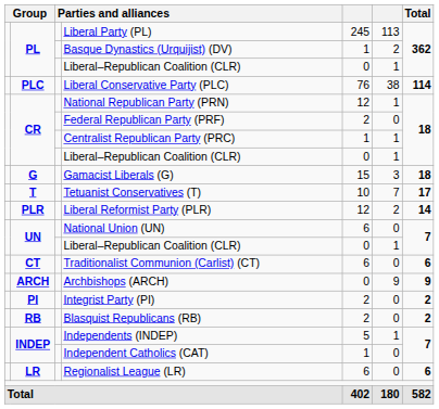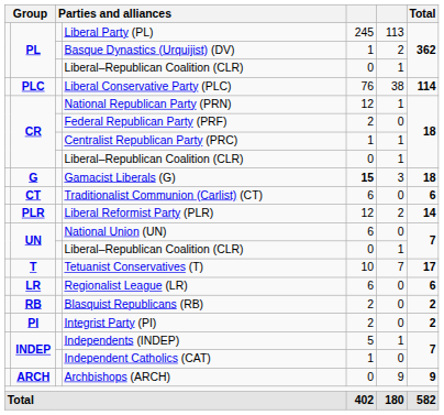 <table class="wikitable" style="text-align:right;">
 <tr>
 <th colspan="2" width="65">Group</th>
 <th style="text-align:left;" colspan="2" width="450">Parties and alliances</th>
 <th width="35"></th>
 <th width="35"></th>
 <th width="35">Total</th>
 </tr>
 <tr>
 <td rowspan="3" width="1"></td>
 <td rowspan="3" align="center"><strong><a href='#'>PL</a></strong></td>
 <td width="1" style="color:inherit;background:"></td>
 <td align="left"><a href='#'>Liberal Party</a> (PL)</td>
 <td>245</td>
 <td>113</td>
 <td rowspan="3"><strong>362</strong></td>
 </tr>
 <tr>
 <td style="color:inherit;background:"></td>
 <td align="left"><a href='#'>Basque Dynastics (Urquijist)</a> (DV)</td>
 <td>1</td>
 <td>2</td>
 </tr>
 <tr>
 <td style="color:inherit;background:"></td>
 <td align="left">Liberal–Republican Coalition (CLR)</td>
 <td>0</td>
 <td>1</td>
 </tr>
 <tr>
 <td style="color:inherit;background:"></td>
 <td align="center"><strong><a href='#'>PLC</a></strong></td>
 <td style="color:inherit;background:"></td>
 <td align="left"><a href='#'>Liberal Conservative Party</a> (PLC)</td>
 <td>76</td>
 <td>38</td>
 <td><strong>114</strong></td>
 </tr>
 <tr>
 <td rowspan="4" style="color:inherit;background:"></td>
 <td rowspan="4" align="center"><strong><a href='#'>CR</a></strong></td>
 <td style="color:inherit;background:"></td>
 <td align="left"><a href='#'>National Republican Party</a> (PRN)</td>
 <td>12</td>
 <td>1</td>
 <td rowspan="4"><strong>18</strong></td>
 </tr>
 <tr>
 <td style="color:inherit;background:"></td>
 <td align="left"><a href='#'>Federal Republican Party</a> (PRF)</td>
 <td>2</td>
 <td>0</td>
 </tr>
 <tr>
 <td style="color:inherit;background:"></td>
 <td align="left"><a href='#'>Centralist Republican Party</a> (PRC)</td>
 <td>1</td>
 <td>1</td>
 </tr>
 <tr>
 <td style="color:inherit;background:"></td>
 <td align="left">Liberal–Republican Coalition (CLR)</td>
 <td>0</td>
 <td>1</td>
 </tr>
 <tr>
 <td style="color:inherit;background:"></td>
 <td align="center"><strong><a href='#'>G</a></strong></td>
 <td style="color:inherit;background:"></td>
 <td align="left"><a href='#'>Gamacist Liberals</a> (G)</td>
-<td>15</td>
+<td><strong>15</strong></td>
 <td>3</td>
 <td><strong>18</strong></td>
 </tr>
 <tr>
 <td style="color:inherit;background:"></td>
-<td align="center"><strong><a href='#'>T</a></strong></td>
+<td align="center"><strong><a href='#'>CT</a></strong></td>
 <td style="color:inherit;background:"></td>
-<td align="left"><a href='#'>Tetuanist Conservatives</a> (T)</td>
-<td>10</td>
-<td>7</td>
-<td><strong>17</strong></td>
+<td align="left"><a href='#'>Traditionalist Communion (Carlist)</a> (CT)</td>
+<td>6</td>
+<td>0</td>
+<td><strong>6</strong></td>
 </tr>
 <tr>
 <td style="color:inherit;background:"></td>
 <td align="center"><strong><a href='#'>PLR</a></strong></td>
 <td style="color:inherit;background:"></td>
 <td align="left"><a href='#'>Liberal Reformist Party</a> (PLR)</td>
 <td>12</td>
 <td>2</td>
 <td><strong>14</strong></td>
 </tr>
 <tr>
 <td rowspan="2" style="color:inherit;background:"></td>
 <td rowspan="2" align="center"><strong><a href='#'>UN</a></strong></td>
 <td style="color:inherit;background:"></td>
 <td align="left"><a href='#'>National Union</a> (UN)</td>
 <td>6</td>
 <td>0</td>
 <td rowspan="2"><strong>7</strong></td>
 </tr>
 <tr>
 <td style="color:inherit;background:"></td>
 <td align="left">Liberal–Republican Coalition (CLR)</td>
 <td>0</td>
 <td>1</td>
 </tr>
 <tr>
 <td style="color:inherit;background:"></td>
-<td align="center"><strong><a href='#'>CT</a></strong></td>
+<td align="center"><strong><a href='#'>T</a></strong></td>
 <td style="color:inherit;background:"></td>
-<td align="left"><a href='#'>Traditionalist Communion (Carlist)</a> (CT)</td>
+<td align="left"><a href='#'>Tetuanist Conservatives</a> (T)</td>
+<td>10</td>
+<td>7</td>
+<td><strong>17</strong></td>
+</tr>
+<tr>
+<td style="color:inherit;background:"></td>
+<td align="center"><strong><a href='#'>LR</a></strong></td>
+<td style="color:inherit;background:"></td>
+<td align="left"><a href='#'>Regionalist League</a> (LR)</td>
 <td>6</td>
 <td>0</td>
 <td><strong>6</strong></td>
 </tr>
 <tr>
 <td style="color:inherit;background:"></td>
-<td align="center"><strong><a href='#'>ARCH</a></strong></td>
+<td align="center"><strong><a href='#'>RB</a></strong></td>
 <td style="color:inherit;background:"></td>
-<td align="left"><a href='#'>Archbishops</a> (ARCH)</td>
+<td align="left"><a href='#'>Blasquist Republicans</a> (RB)</td>
+<td>2</td>
 <td>0</td>
-<td>9</td>
-<td><strong>9</strong></td>
+<td><strong>2</strong></td>
 </tr>
 <tr>
 <td style="color:inherit;background:"></td>
 <td align="center"><strong><a href='#'>PI</a></strong></td>
 <td style="color:inherit;background:"></td>
 <td align="left"><a href='#'>Integrist Party</a> (PI)</td>
-<td>2</td>
-<td>0</td>
-<td><strong>2</strong></td>
-</tr>
-<tr>
-<td style="color:inherit;background:"></td>
-<td align="center"><strong><a href='#'>RB</a></strong></td>
-<td style="color:inherit;background:"></td>
-<td align="left"><a href='#'>Blasquist Republicans</a> (RB)</td>
 <td>2</td>
 <td>0</td>
 <td><strong>2</strong></td>
 </tr>
 <tr>
 <td rowspan="2" style="color:inherit;background:"></td>
 <td rowspan="2" align="center"><strong><a href='#'>INDEP</a></strong></td>
 <td style="color:inherit;background:"></td>
 <td align="left"><a href='#'>Independents</a> (INDEP)</td>
 <td>5</td>
 <td>1</td>
 <td rowspan="2"><strong>7</strong></td>
 </tr>
 <tr>
 <td style="color:inherit;background:"></td>
 <td align="left"><a href='#'>Independent Catholics</a> (CAT)</td>
 <td>1</td>
 <td>0</td>
 </tr>
 <tr>
 <td style="color:inherit;background:"></td>
-<td align="center"><strong><a href='#'>LR</a></strong></td>
+<td align="center"><strong><a href='#'>ARCH</a></strong></td>
 <td style="color:inherit;background:"></td>
-<td align="left"><a href='#'>Regionalist League</a> (LR)</td>
-<td>6</td>
+<td align="left"><a href='#'>Archbishops</a> (ARCH)</td>
 <td>0</td>
-<td><strong>6</strong></td>
+<td>9</td>
+<td><strong>9</strong></td>
 </tr>
 <tr>
 <td colspan="7"></td>
 </tr>
 <tr style="background:#E4E4E4; font-weight:bold;">
 <td align="left" colspan="4">Total</td>
 <td>402</td>
 <td>180</td>
 <td>582</td>
 </tr>
 </table>
